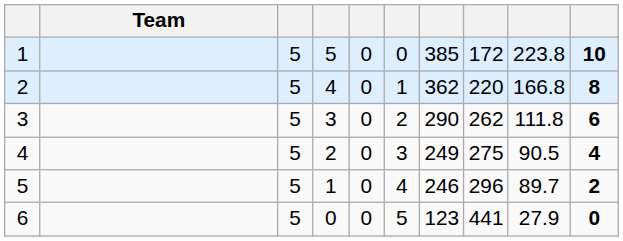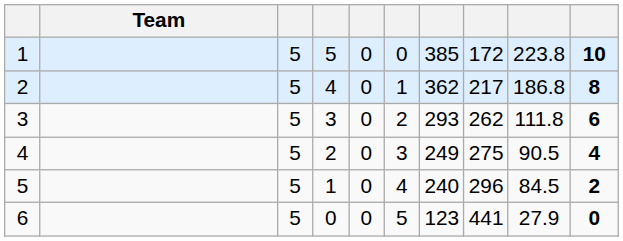 <table class=wikitable style=text-align:center>
 <tr>
 <th width=20 abbr=Position></th>
 <th width=175>Team</th>
 <th width=20 abbr=Played></th>
 <th width=20 abbr=Won></th>
 <th width=20 abbr=Drawn></th>
 <th width=20 abbr=Lost></th>
 <th width=20 abbr=Goals for></th>
 <th width=20 abbr=Goals against></th>
 <th width=20 abbr=Goal percentage></th>
 <th width=30 abbr=Points></th>
 </tr>
 <tr bgcolor=#ddeeff>
 <td>1 </td>
 <td align=left></td>
 <td>5</td>
 <td>5</td>
 <td>0</td>
 <td>0</td>
 <td>385</td>
 <td>172</td>
 <td>223.8</td>
 <td><strong>10</strong></td>
 </tr>
 <tr bgcolor=#ddeeff>
 <td>2 </td>
 <td align=left></td>
 <td>5</td>
 <td>4</td>
 <td>0</td>
 <td>1</td>
 <td>362</td>
-<td>220</td>
-<td>166.8</td>
+<td>217</td>
+<td>186.8</td>
 <td><strong>8</strong></td>
 </tr>
 <tr>
 <td>3 </td>
 <td align=left></td>
 <td>5</td>
 <td>3</td>
 <td>0</td>
 <td>2</td>
-<td>290</td>
+<td>293</td>
 <td>262</td>
 <td>111.8</td>
 <td><strong>6</strong></td>
 </tr>
 <tr>
 <td>4 </td>
 <td align=left></td>
 <td>5</td>
 <td>2</td>
 <td>0</td>
 <td>3</td>
 <td>249</td>
 <td>275</td>
 <td>90.5</td>
 <td><strong>4</strong></td>
 </tr>
 <tr>
 <td>5 </td>
 <td align=left></td>
 <td>5</td>
 <td>1</td>
 <td>0</td>
 <td>4</td>
-<td>246</td>
+<td>240</td>
 <td>296</td>
-<td>89.7</td>
+<td>84.5</td>
 <td><strong>2</strong></td>
 </tr>
 <tr>
 <td>6 </td>
 <td align=left></td>
 <td>5</td>
 <td>0</td>
 <td>0</td>
 <td>5</td>
 <td>123</td>
 <td>441</td>
 <td>27.9</td>
 <td><strong>0</strong></td>
 </tr>
 </table>
